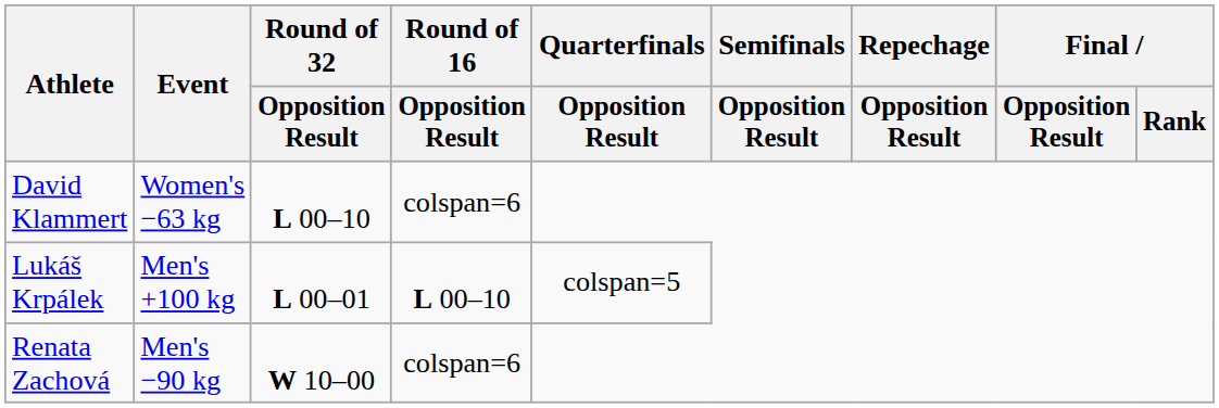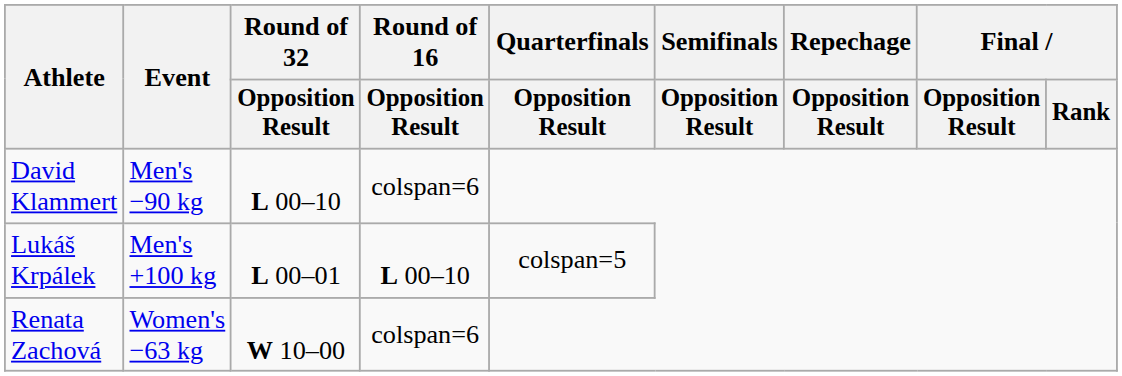 <table class="wikitable" style="font-size:90%">
 <tr>
 <th rowspan="2">Athlete</th>
 <th rowspan="2">Event</th>
 <th>Round of 32</th>
 <th>Round of 16</th>
 <th>Quarterfinals</th>
 <th>Semifinals</th>
 <th>Repechage</th>
 <th colspan=2>Final / </th>
 </tr>
 <tr style="font-size:95%">
 <th>Opposition<br>Result</th>
 <th>Opposition<br>Result</th>
 <th>Opposition<br>Result</th>
 <th>Opposition<br>Result</th>
 <th>Opposition<br>Result</th>
 <th>Opposition<br>Result</th>
 <th>Rank</th>
 </tr>
 <tr align=center>
 <td align=left><a href='#'>David Klammert</a></td>
-<td align=left><a href='#'>Women's −63 kg</a></td>
+<td align=left><a href='#'>Men's −90 kg</a></td>
 <td><br><strong>L</strong> 00–10</td>
 <td>colspan=6 </td>
 </tr>
 <tr align=center>
 <td align=left><a href='#'>Lukáš Krpálek</a></td>
 <td align=left><a href='#'>Men's +100 kg</a></td>
 <td><br><strong>L</strong> 00–01</td>
 <td><br><strong>L</strong> 00–10</td>
 <td>colspan=5 </td>
 </tr>
 <tr align=center>
 <td align=left><a href='#'>Renata Zachová</a></td>
-<td align=left><a href='#'>Men's −90 kg</a></td>
+<td align=left><a href='#'>Women's −63 kg</a></td>
 <td><br><strong>W</strong> 10–00</td>
 <td>colspan=6 </td>
 </tr>
 </table>
